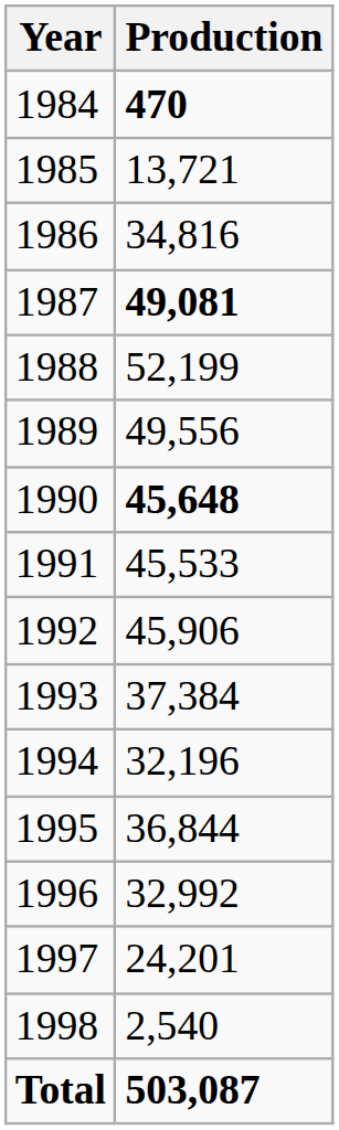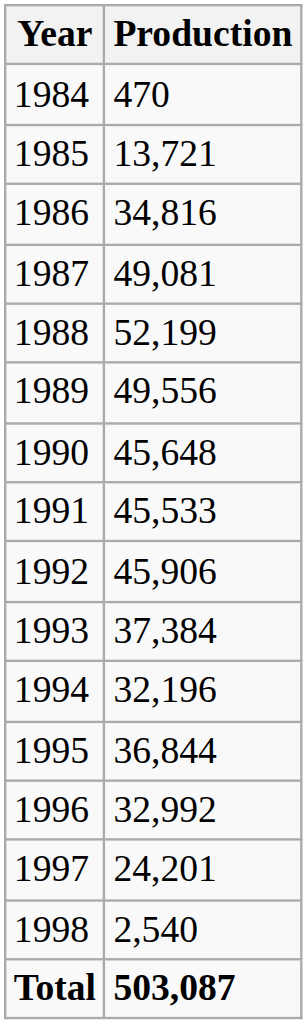 <table class="wikitable">
 <tr>
 <th>Year</th>
 <th>Production</th>
 </tr>
 <tr>
 <td>1984</td>
-<td><strong>470</strong></td>
+<td>470</td>
 </tr>
 <tr>
 <td>1985</td>
 <td>13,721</td>
 </tr>
 <tr>
 <td>1986</td>
 <td>34,816</td>
 </tr>
 <tr>
 <td>1987</td>
-<td><strong>49,081</strong></td>
+<td>49,081</td>
 </tr>
 <tr>
 <td>1988</td>
 <td>52,199</td>
 </tr>
 <tr>
 <td>1989</td>
 <td>49,556</td>
 </tr>
 <tr>
 <td>1990</td>
-<td><strong>45,648</strong></td>
+<td>45,648</td>
 </tr>
 <tr>
 <td>1991</td>
 <td>45,533</td>
 </tr>
 <tr>
 <td>1992</td>
 <td>45,906</td>
 </tr>
 <tr>
 <td>1993</td>
 <td>37,384</td>
 </tr>
 <tr>
 <td>1994</td>
 <td>32,196</td>
 </tr>
 <tr>
 <td>1995</td>
 <td>36,844</td>
 </tr>
 <tr>
 <td>1996</td>
 <td>32,992</td>
 </tr>
 <tr>
 <td>1997</td>
 <td>24,201</td>
 </tr>
 <tr>
 <td>1998</td>
 <td>2,540</td>
 </tr>
 <tr>
 <td><strong>Total</strong></td>
 <td><strong>503,087</strong></td>
 </tr>
 </table>
